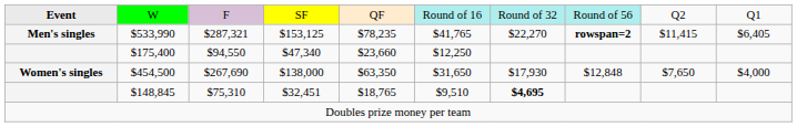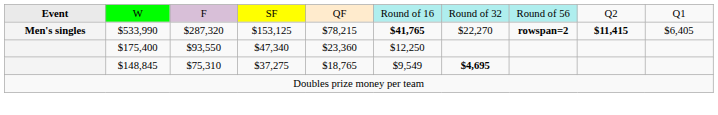 <table class=wikitable style=font-size:90%;text-align:center>
 <tr>
 <td style="width:130px; background:#eaeaea;"><strong>Event</strong></td>
 <td style="width:80px; background:lime;">W</td>
 <td style="width:85px; background:thistle;">F</td>
 <td style="width:85px; background:#ff0;">SF</td>
 <td style="width:85px; background:#ffebcd;">QF</td>
 <td style="width:85px; background:#afeeee;">Round of 16</td>
 <td style="width:85px; background:#afeeee;">Round of 32</td>
 <td style="width:85px; background:#afeeee;">Round of 56</td>
 <td style="width:85px;">Q2</td>
 <td style="width:85px;">Q1</td>
 </tr>
 <tr>
 <td style="background:#f4f4f4;"><strong>Men's singles</strong></td>
 <td>$533,990</td>
-<td>$287,321</td>
+<td>$287,320</td>
 <td>$153,125</td>
-<td>$78,235</td>
-<td>$41,765</td>
+<td>$78,215</td>
+<td><strong>$41,765</strong></td>
 <td>$22,270</td>
 <td><strong>rowspan=2 </strong></td>
-<td>$11,415</td>
+<td><strong>$11,415</strong></td>
 <td>$6,405</td>
 </tr>
 <tr>
 <td style="background:#f4f4f4;"><strong></strong></td>
 <td>$175,400</td>
-<td>$94,550</td>
+<td>$93,550</td>
 <td>$47,340</td>
-<td>$23,660</td>
+<td>$23,360</td>
 <td>$12,250</td>
 <td></td>
 <td></td>
 <td></td>
 </tr>
 <tr>
-<td style="background:#f4f4f4;"><strong>Women's singles</strong></td>
-<td>$454,500</td>
-<td>$267,690</td>
-<td>$138,000</td>
-<td>$63,350</td>
-<td>$31,650</td>
-<td>$17,930</td>
-<td>$12,848</td>
-<td>$7,650</td>
-<td>$4,000</td>
-</tr>
-<tr>
 <td style="background:#f4f4f4;"><strong></strong></td>
 <td>$148,845</td>
 <td>$75,310</td>
-<td>$32,451</td>
+<td>$37,275</td>
 <td>$18,765</td>
-<td>$9,510</td>
+<td>$9,549</td>
 <td><strong>$4,695</strong></td>
 <td></td>
 <td></td>
 <td></td>
 </tr>
 <tr>
 <td colspan=10>Doubles prize money per team</td>
 </tr>
 </table>
